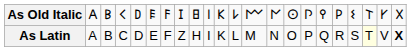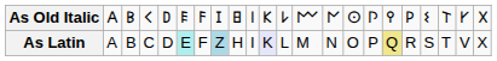 <table class="wikitable">
 <tr>
 <th>As Old Italic</th>
 <td>𐌀</td>
 <td>𐌁</td>
 <td>𐌂</td>
 <td>𐌃</td>
 <td>𐌄</td>
 <td>𐌅</td>
 <td>𐌆</td>
 <td>𐌇</td>
 <td>𐌉</td>
 <td>𐌊</td>
 <td>𐌋</td>
 <td>𐌌</td>
 <td>𐌍</td>
 <td>𐌏</td>
 <td>𐌐</td>
 <td>𐌒</td>
 <td>𐌓</td>
 <td>𐌔</td>
 <td>𐌕</td>
 <td>𐌖</td>
 <td>𐌗</td>
 </tr>
 <tr>
 <th>As Latin</th>
 <td>A</td>
 <td>B</td>
 <td>C</td>
 <td>D</td>
-<td>E</td>
+<td style="background: paleturquoise;">E</td>
 <td>F</td>
-<td>Z</td>
+<td style="background: lightblue;">Z</td>
 <td>H</td>
 <td>I</td>
-<td>K</td>
+<td style="background: lavender;">K</td>
 <td>L</td>
 <td>M</td>
 <td>N</td>
 <td>O</td>
 <td>P</td>
-<td>Q</td>
+<td style="background: khaki;">Q</td>
 <td>R</td>
 <td>S</td>
-<td style="background: lightyellow;">T</td>
+<td>T</td>
 <td>V</td>
-<td><strong>X</strong></td>
+<td>X</td>
 </tr>
 </table>
